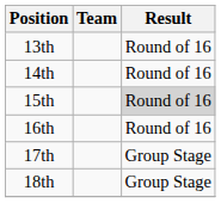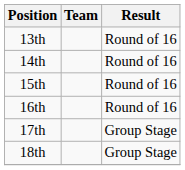 <table class="wikitable" style="text-align: center;">
 <tr>
 <th>Position</th>
 <th>Team</th>
 <th>Result</th>
 </tr>
 <tr>
 <td>13th</td>
 <td></td>
 <td>Round of 16</td>
 </tr>
 <tr>
 <td>14th</td>
 <td></td>
 <td>Round of 16</td>
 </tr>
 <tr>
 <td>15th</td>
 <td></td>
-<td style="background: lightgrey;">Round of 16</td>
+<td>Round of 16</td>
 </tr>
 <tr>
 <td>16th</td>
 <td></td>
 <td>Round of 16</td>
 </tr>
 <tr>
 <td>17th</td>
 <td></td>
 <td>Group Stage</td>
 </tr>
 <tr>
 <td>18th</td>
 <td></td>
 <td>Group Stage</td>
 </tr>
 <tr>
 </tr>
 </table>
